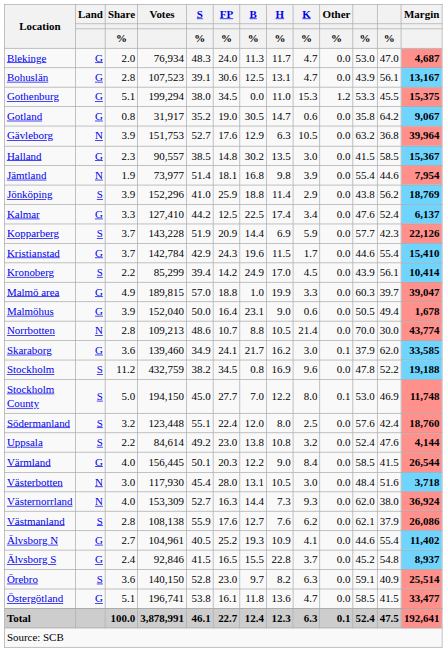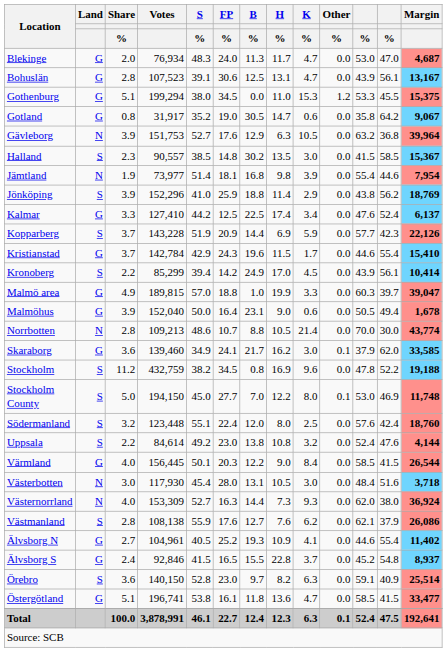 <table class="wikitable sortable" style="text-align:right; font-size:95%; line-height:20px;">
 <tr>
 <th rowspan="3">Location</th>
 <th>Land</th>
 <th>Share</th>
 <th>Votes</th>
 <th width="30px" class="unsortable"><a href='#'>S</a></th>
 <th width="30px" class="unsortable"><a href='#'>FP</a></th>
 <th width="30px" class="unsortable"><a href='#'>B</a></th>
 <th width="30px" class="unsortable"><a href='#'>H</a></th>
 <th width="30px" class="unsortable"><a href='#'>K</a></th>
 <th width="30px" class="unsortable">Other</th>
 <th></th>
 <th></th>
 <th>Margin</th>
 </tr>
 <tr>
 <th></th>
 <th></th>
 <th></th>
 <th style="background:"></th>
 <th style="background:"></th>
 <th style="background:"></th>
 <th style="background:"></th>
 <th style="background:"></th>
 <th style="background:"></th>
 <th style="background:"></th>
 <th style="background:"></th>
 <th></th>
 </tr>
 <tr>
 <th></th>
 <th data-sort-type="number">%</th>
 <th></th>
 <th data-sort-type="number">%</th>
 <th data-sort-type="number">%</th>
 <th data-sort-type="number">%</th>
 <th data-sort-type="number">%</th>
 <th data-sort-type="number">%</th>
 <th data-sort-type="number">%</th>
 <th data-sort-type="number">%</th>
 <th data-sort-type="number">%</th>
 <th></th>
 </tr>
 <tr>
 <td align=left><a href='#'>Blekinge</a></td>
 <td><a href='#'>G</a></td>
 <td>2.0</td>
 <td>76,934</td>
 <td>48.3</td>
 <td>24.0</td>
 <td>11.3</td>
 <td>11.7</td>
 <td>4.7</td>
 <td>0.0</td>
 <td>53.0</td>
 <td>47.0</td>
 <td bgcolor=#ff908c><strong>4,687</strong></td>
 </tr>
 <tr>
 <td align=left><a href='#'>Bohuslän</a></td>
 <td><a href='#'>G</a></td>
 <td>2.8</td>
 <td>107,523</td>
 <td>39.1</td>
 <td>30.6</td>
 <td>12.5</td>
 <td>13.1</td>
 <td>4.7</td>
 <td>0.0</td>
 <td>43.9</td>
 <td>56.1</td>
 <td bgcolor=#6fd5fe><strong>13,167</strong></td>
 </tr>
 <tr>
 <td align=left><a href='#'>Gothenburg</a></td>
 <td><a href='#'>G</a></td>
 <td>5.1</td>
 <td>199,294</td>
 <td>38.0</td>
 <td>34.5</td>
 <td>0.0</td>
 <td>11.0</td>
 <td>15.3</td>
 <td>1.2</td>
 <td>53.3</td>
 <td>45.5</td>
 <td bgcolor=#ff908c><strong>15,375</strong></td>
 </tr>
 <tr>
 <td align=left><a href='#'>Gotland</a></td>
 <td><a href='#'>G</a></td>
 <td>0.8</td>
 <td>31,917</td>
 <td>35.2</td>
 <td>19.0</td>
 <td>30.5</td>
 <td>14.7</td>
 <td>0.6</td>
 <td>0.0</td>
 <td>35.8</td>
 <td>64.2</td>
 <td bgcolor=#6fd5fe><strong>9,067</strong></td>
 </tr>
 <tr>
 <td align=left><a href='#'>Gävleborg</a></td>
 <td><a href='#'>N</a></td>
 <td>3.9</td>
 <td>151,753</td>
 <td>52.7</td>
 <td>17.6</td>
 <td>12.9</td>
 <td>6.3</td>
 <td>10.5</td>
 <td>0.0</td>
 <td>63.2</td>
 <td>36.8</td>
 <td bgcolor=#ff908c><strong>39,964</strong></td>
 </tr>
 <tr>
 <td align=left><a href='#'>Halland</a></td>
-<td><a href='#'>G</a></td>
+<td><a href='#'>S</a></td>
 <td>2.3</td>
 <td>90,557</td>
 <td>38.5</td>
 <td>14.8</td>
 <td>30.2</td>
 <td>13.5</td>
 <td>3.0</td>
 <td>0.0</td>
 <td>41.5</td>
 <td>58.5</td>
 <td bgcolor=#6fd5fe><strong>15,367</strong></td>
 </tr>
 <tr>
 <td align=left><a href='#'>Jämtland</a></td>
 <td><a href='#'>N</a></td>
 <td>1.9</td>
 <td>73,977</td>
 <td>51.4</td>
 <td>18.1</td>
 <td>16.8</td>
 <td>9.8</td>
 <td>3.9</td>
 <td>0.0</td>
 <td>55.4</td>
 <td>44.6</td>
 <td bgcolor=#ff908c><strong>7,954</strong></td>
 </tr>
 <tr>
 <td align=left><a href='#'>Jönköping</a></td>
 <td><a href='#'>S</a></td>
 <td>3.9</td>
 <td>152,296</td>
 <td>41.0</td>
 <td>25.9</td>
 <td>18.8</td>
 <td>11.4</td>
 <td>2.9</td>
 <td>0.0</td>
 <td>43.8</td>
 <td>56.2</td>
 <td bgcolor=#6fd5fe><strong>18,769</strong></td>
 </tr>
 <tr>
 <td align=left><a href='#'>Kalmar</a></td>
 <td><a href='#'>G</a></td>
 <td>3.3</td>
 <td>127,410</td>
 <td>44.2</td>
 <td>12.5</td>
 <td>22.5</td>
 <td>17.4</td>
 <td>3.4</td>
 <td>0.0</td>
 <td>47.6</td>
 <td>52.4</td>
 <td bgcolor=#6fd5fe><strong>6,137</strong></td>
 </tr>
 <tr>
 <td align=left><a href='#'>Kopparberg</a></td>
 <td><a href='#'>S</a></td>
 <td>3.7</td>
 <td>143,228</td>
 <td>51.9</td>
 <td>20.9</td>
 <td>14.4</td>
 <td>6.9</td>
 <td>5.9</td>
 <td>0.0</td>
 <td>57.7</td>
 <td>42.3</td>
 <td bgcolor=#ff908c><strong>22,126</strong></td>
 </tr>
 <tr>
 <td align=left><a href='#'>Kristianstad</a></td>
 <td><a href='#'>G</a></td>
 <td>3.7</td>
 <td>142,784</td>
 <td>42.9</td>
 <td>24.3</td>
 <td>19.6</td>
 <td>11.5</td>
 <td>1.7</td>
 <td>0.0</td>
 <td>44.6</td>
 <td>55.4</td>
 <td bgcolor=#6fd5fe><strong>15,410</strong></td>
 </tr>
 <tr>
 <td align=left><a href='#'>Kronoberg</a></td>
 <td><a href='#'>S</a></td>
 <td>2.2</td>
 <td>85,299</td>
 <td>39.4</td>
 <td>14.2</td>
 <td>24.9</td>
 <td>17.0</td>
 <td>4.5</td>
 <td>0.0</td>
 <td>43.9</td>
 <td>56.1</td>
 <td bgcolor=#6fd5fe><strong>10,414</strong></td>
 </tr>
 <tr>
 <td align=left><a href='#'>Malmö area</a></td>
 <td><a href='#'>G</a></td>
 <td>4.9</td>
 <td>189,815</td>
 <td>57.0</td>
 <td>18.8</td>
 <td>1.0</td>
 <td>19.9</td>
 <td>3.3</td>
 <td>0.0</td>
 <td>60.3</td>
 <td>39.7</td>
 <td bgcolor=#ff908c><strong>39,047</strong></td>
 </tr>
 <tr>
 <td align=left><a href='#'>Malmöhus</a></td>
 <td><a href='#'>G</a></td>
 <td>3.9</td>
 <td>152,040</td>
 <td>50.0</td>
 <td>16.4</td>
 <td>23.1</td>
 <td>9.0</td>
 <td>0.6</td>
 <td>0.0</td>
 <td>50.5</td>
 <td>49.4</td>
 <td bgcolor=#ff908c><strong>1,678</strong></td>
 </tr>
 <tr>
 <td align=left><a href='#'>Norrbotten</a></td>
 <td><a href='#'>N</a></td>
 <td>2.8</td>
 <td>109,213</td>
 <td>48.6</td>
 <td>10.7</td>
 <td>8.8</td>
 <td>10.5</td>
 <td>21.4</td>
 <td>0.0</td>
 <td>70.0</td>
 <td>30.0</td>
 <td bgcolor=#ff908c><strong>43,774</strong></td>
 </tr>
 <tr>
 <td align=left><a href='#'>Skaraborg</a></td>
 <td><a href='#'>G</a></td>
 <td>3.6</td>
 <td>139,460</td>
 <td>34.9</td>
 <td>24.1</td>
 <td>21.7</td>
 <td>16.2</td>
 <td>3.0</td>
 <td>0.1</td>
 <td>37.9</td>
 <td>62.0</td>
 <td bgcolor=#6fd5fe><strong>33,585</strong></td>
 </tr>
 <tr>
 <td align=left><a href='#'>Stockholm</a></td>
 <td><a href='#'>S</a></td>
 <td>11.2</td>
 <td>432,759</td>
 <td>38.2</td>
 <td>34.5</td>
 <td>0.8</td>
 <td>16.9</td>
 <td>9.6</td>
 <td>0.0</td>
 <td>47.8</td>
 <td>52.2</td>
 <td bgcolor=#6fd5fe><strong>19,188</strong></td>
 </tr>
 <tr>
 <td align=left><a href='#'>Stockholm County</a></td>
 <td><a href='#'>S</a></td>
 <td>5.0</td>
 <td>194,150</td>
 <td>45.0</td>
 <td>27.7</td>
 <td>7.0</td>
 <td>12.2</td>
 <td>8.0</td>
 <td>0.1</td>
 <td>53.0</td>
 <td>46.9</td>
 <td bgcolor=#ff908c><strong>11,748</strong></td>
 </tr>
 <tr>
 <td align=left><a href='#'>Södermanland</a></td>
 <td><a href='#'>S</a></td>
 <td>3.2</td>
 <td>123,448</td>
 <td>55.1</td>
 <td>22.4</td>
 <td>12.0</td>
 <td>8.0</td>
 <td>2.5</td>
 <td>0.0</td>
 <td>57.6</td>
 <td>42.4</td>
 <td bgcolor=#ff908c><strong>18,760</strong></td>
 </tr>
 <tr>
 <td align=left><a href='#'>Uppsala</a></td>
 <td><a href='#'>S</a></td>
 <td>2.2</td>
 <td>84,614</td>
 <td>49.2</td>
 <td>23.0</td>
 <td>13.8</td>
 <td>10.8</td>
 <td>3.2</td>
 <td>0.0</td>
 <td>52.4</td>
 <td>47.6</td>
 <td bgcolor=#ff908c><strong>4,144</strong></td>
 </tr>
 <tr>
 <td align=left><a href='#'>Värmland</a></td>
 <td><a href='#'>G</a></td>
 <td>4.0</td>
 <td>156,445</td>
 <td>50.1</td>
 <td>20.3</td>
 <td>12.2</td>
 <td>9.0</td>
 <td>8.4</td>
 <td>0.0</td>
 <td>58.5</td>
 <td>41.5</td>
 <td bgcolor=#ff908c><strong>26,544</strong></td>
 </tr>
 <tr>
 <td align=left><a href='#'>Västerbotten</a></td>
 <td><a href='#'>N</a></td>
 <td>3.0</td>
 <td>117,930</td>
 <td>45.4</td>
 <td>28.0</td>
 <td>13.1</td>
 <td>10.5</td>
 <td>3.0</td>
 <td>0.0</td>
 <td>48.4</td>
 <td>51.6</td>
 <td bgcolor=#6fd5fe><strong>3,718</strong></td>
 </tr>
 <tr>
 <td align=left><a href='#'>Västernorrland</a></td>
 <td><a href='#'>N</a></td>
 <td>4.0</td>
 <td>153,309</td>
 <td>52.7</td>
 <td>16.3</td>
 <td>14.4</td>
 <td>7.3</td>
 <td>9.3</td>
 <td>0.0</td>
 <td>62.0</td>
 <td>38.0</td>
 <td bgcolor=#ff908c><strong>36,924</strong></td>
 </tr>
 <tr>
 <td align=left><a href='#'>Västmanland</a></td>
 <td><a href='#'>S</a></td>
 <td>2.8</td>
 <td>108,138</td>
 <td>55.9</td>
 <td>17.6</td>
 <td>12.7</td>
 <td>7.6</td>
 <td>6.2</td>
 <td>0.0</td>
 <td>62.1</td>
 <td>37.9</td>
 <td bgcolor=#ff908c><strong>26,086</strong></td>
 </tr>
 <tr>
 <td align=left><a href='#'>Älvsborg N</a></td>
 <td><a href='#'>G</a></td>
 <td>2.7</td>
 <td>104,961</td>
 <td>40.5</td>
 <td>25.2</td>
 <td>19.3</td>
 <td>10.9</td>
 <td>4.1</td>
 <td>0.0</td>
 <td>44.6</td>
 <td>55.4</td>
 <td bgcolor=#6fd5fe><strong>11,402</strong></td>
 </tr>
 <tr>
 <td align=left><a href='#'>Älvsborg S</a></td>
 <td><a href='#'>G</a></td>
 <td>2.4</td>
 <td>92,846</td>
 <td>41.5</td>
 <td>16.5</td>
 <td>15.5</td>
 <td>22.8</td>
 <td>3.7</td>
 <td>0.0</td>
 <td>45.2</td>
 <td>54.8</td>
 <td bgcolor=#6fd5fe><strong>8,937</strong></td>
 </tr>
 <tr>
 <td align=left><a href='#'>Örebro</a></td>
 <td><a href='#'>S</a></td>
 <td>3.6</td>
 <td>140,150</td>
 <td>52.8</td>
 <td>23.0</td>
 <td>9.7</td>
 <td>8.2</td>
 <td>6.3</td>
 <td>0.0</td>
 <td>59.1</td>
 <td>40.9</td>
 <td bgcolor=#ff908c><strong>25,514</strong></td>
 </tr>
 <tr>
 <td align=left><a href='#'>Östergötland</a></td>
 <td><a href='#'>G</a></td>
 <td>5.1</td>
 <td>196,741</td>
 <td>53.8</td>
 <td>16.1</td>
 <td>11.8</td>
 <td>13.6</td>
 <td>4.7</td>
 <td>0.0</td>
 <td>58.5</td>
 <td>41.5</td>
 <td bgcolor=#ff908c><strong>33,477</strong></td>
 </tr>
 <tr>
 </tr>
 <tr style="background:#CDCDCD;">
 <td align=left><strong>Total</strong></td>
 <td></td>
 <td><strong>100.0</strong></td>
 <td><strong>3,878,991</strong></td>
 <td><strong>46.1</strong></td>
 <td><strong>22.7</strong></td>
 <td><strong>12.4</strong></td>
 <td><strong>12.3</strong></td>
 <td><strong>6.3</strong></td>
 <td><strong>0.1</strong></td>
 <td><strong>52.4</strong></td>
 <td><strong>47.5</strong></td>
 <td bgcolor=#ff908c><strong>192,641</strong></td>
 </tr>
 <tr>
 <td align=left colspan=14>Source: SCB </td>
 </tr>
 </table>
